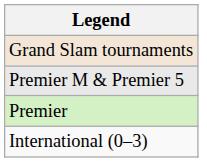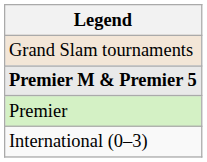 <table class="wikitable" style="font-size:90%;">
 <tr>
 <th>Legend</th>
 </tr>
 <tr>
 <td style="background:#f3e6d7;">Grand Slam tournaments</td>
 </tr>
 <tr>
-<td style="background:#e9e9e9;">Premier M & Premier 5</td>
+<td style="background:#e9e9e9;"><strong>Premier M & Premier 5</strong></td>
 </tr>
 <tr>
 <td style="background:#d4f1c5;">Premier</td>
 </tr>
 <tr>
 <td>International (0–3)</td>
 </tr>
 </table>
